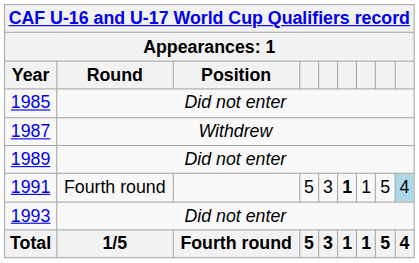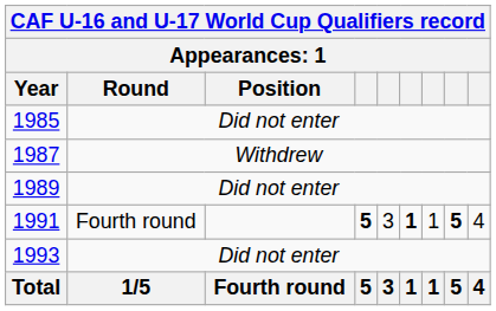 <table class="wikitable" style="text-align: center;">
 <tr>
 <th colspan=9><a href='#'>CAF U-16 and U-17 World Cup Qualifiers record</a></th>
 </tr>
 <tr>
 <th colspan=9>Appearances: 1</th>
 </tr>
 <tr>
 <th>Year</th>
 <th>Round</th>
 <th>Position</th>
 <th></th>
 <th></th>
 <th></th>
 <th></th>
 <th></th>
 <th></th>
 </tr>
 <tr>
 <td><a href='#'>1985</a></td>
 <td colspan=8><em>Did not enter</em></td>
 </tr>
 <tr>
 <td><a href='#'>1987</a></td>
 <td colspan=8><em>Withdrew</em></td>
 </tr>
 <tr>
 <td><a href='#'>1989</a></td>
 <td colspan=8><em>Did not enter</em></td>
 </tr>
 <tr>
 <td><a href='#'>1991</a></td>
 <td>Fourth round</td>
 <td></td>
-<td>5</td>
+<td><strong>5</strong></td>
 <td>3</td>
 <td><strong>1</strong></td>
 <td>1</td>
-<td>5</td>
-<td style="background: lightblue;">4</td>
+<td><strong>5</strong></td>
+<td>4</td>
 </tr>
 <tr>
 <td><a href='#'>1993</a></td>
 <td colspan=8><em>Did not enter</em></td>
 </tr>
 <tr>
 <th><strong>Total</strong></th>
 <th>1/5</th>
 <th><strong>Fourth round</strong></th>
 <th>5</th>
 <th>3</th>
 <th>1</th>
 <th>1</th>
 <th>5</th>
 <th>4</th>
 </tr>
 </table>
